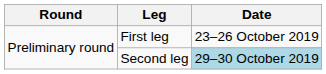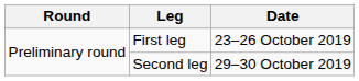 <table class="wikitable">
 <tr>
 <th>Round</th>
 <th>Leg</th>
 <th>Date</th>
 </tr>
 <tr>
 <td rowspan=2>Preliminary round</td>
 <td>First leg</td>
 <td>23–26 October 2019</td>
 </tr>
 <tr>
 <td>Second leg</td>
-<td style="background: lightblue;">29–30 October 2019</td>
+<td>29–30 October 2019</td>
 </tr>
 </table>
